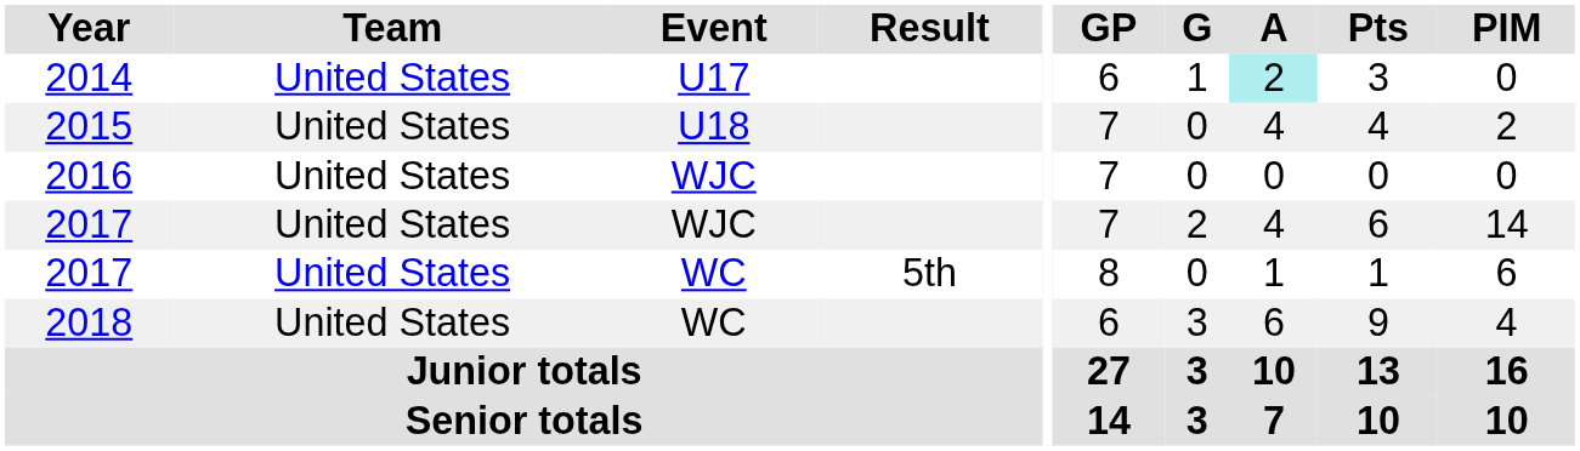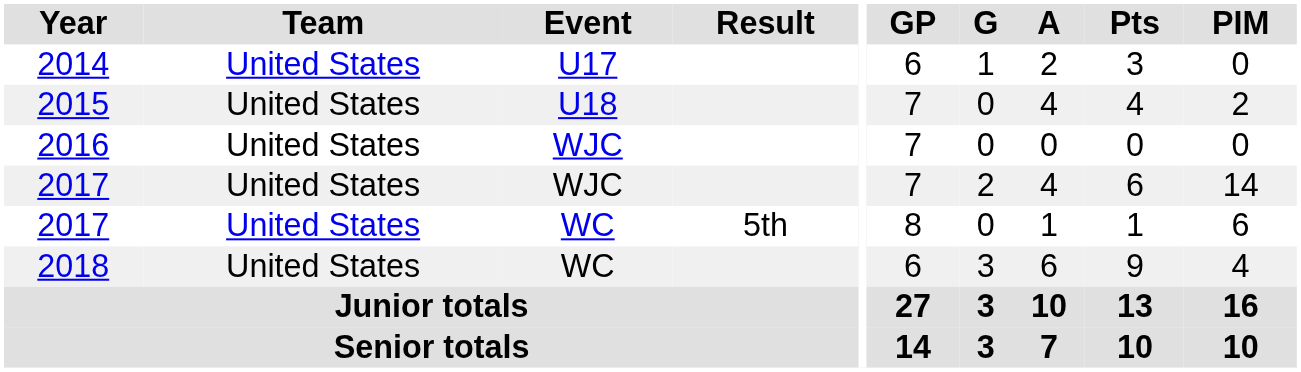 <table border="0" cellpadding="1" cellspacing="0" id="Table3" style="text-align:center; width:40em">
 <tr ALIGN="center" bgcolor="#e0e0e0">
 <th>Year</th>
 <th>Team</th>
 <th>Event</th>
 <th>Result</th>
 <th rowspan="100" bgcolor="#ffffff"></th>
 <th>GP</th>
 <th>G</th>
 <th>A</th>
 <th>Pts</th>
 <th>PIM</th>
 </tr>
 <tr>
 <td><a href='#'>2014</a></td>
 <td><a href='#'>United States</a></td>
 <td><a href='#'>U17</a></td>
 <td></td>
 <td>6</td>
 <td>1</td>
-<td style="background: paleturquoise;">2</td>
+<td>2</td>
 <td>3</td>
 <td>0</td>
 </tr>
 <tr bgcolor="#f0f0f0">
 <td><a href='#'>2015</a></td>
 <td>United States</td>
 <td><a href='#'>U18</a></td>
 <td></td>
 <td>7</td>
 <td>0</td>
 <td>4</td>
 <td>4</td>
 <td>2</td>
 </tr>
 <tr>
 <td><a href='#'>2016</a></td>
 <td>United States</td>
 <td><a href='#'>WJC</a></td>
 <td></td>
 <td>7</td>
 <td>0</td>
 <td>0</td>
 <td>0</td>
 <td>0</td>
 </tr>
 <tr bgcolor="#f0f0f0">
 <td><a href='#'>2017</a></td>
 <td>United States</td>
 <td>WJC</td>
 <td></td>
 <td>7</td>
 <td>2</td>
 <td>4</td>
 <td>6</td>
 <td>14</td>
 </tr>
 <tr>
 <td><a href='#'>2017</a></td>
 <td><a href='#'>United States</a></td>
 <td><a href='#'>WC</a></td>
 <td>5th</td>
 <td>8</td>
 <td>0</td>
 <td>1</td>
 <td>1</td>
 <td>6</td>
 </tr>
 <tr bgcolor="#f0f0f0">
 <td><a href='#'>2018</a></td>
 <td>United States</td>
 <td>WC</td>
 <td></td>
 <td>6</td>
 <td>3</td>
 <td>6</td>
 <td>9</td>
 <td>4</td>
 </tr>
 <tr ALIGN="center" bgcolor="#e0e0e0">
 <th colspan=4>Junior totals</th>
 <th>27</th>
 <th>3</th>
 <th>10</th>
 <th>13</th>
 <th>16</th>
 </tr>
 <tr ALIGN="center" bgcolor="#e0e0e0">
 <th colspan=4>Senior totals</th>
 <th>14</th>
 <th>3</th>
 <th>7</th>
 <th>10</th>
 <th>10</th>
 </tr>
 </table>
